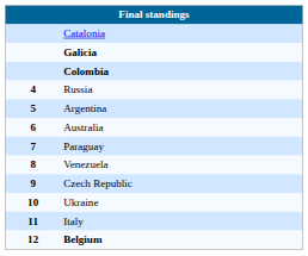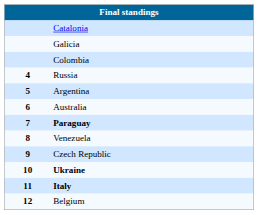 <table align=center cellpadding="4" cellspacing="0" style="background: #f9f9f9; border: 1px #aaa solid; border-collapse: collapse; font-size: 90%;" width=20%>
 <tr align=center bgcolor=#006699 style="color:white;">
 <th width=100% colspan=2>Final standings </th>
 </tr>
 <tr align=center bgcolor=#D0E7FF>
 <td><strong></strong></td>
 <td align=left> <a href='#'>Catalonia</a></td>
 </tr>
 <tr align=center bgcolor=#F5FAFF>
 <td><strong></strong></td>
-<td align=left><strong> Galicia</strong></td>
+<td align=left> Galicia</td>
 </tr>
 <tr align=center bgcolor=#D0E7FF>
 <td><strong></strong></td>
-<td align=left><strong> Colombia</strong></td>
+<td align=left> Colombia</td>
 </tr>
 <tr align=center bgcolor=#F5FAFF>
 <td><strong>4</strong></td>
 <td align=left> Russia</td>
 </tr>
 <tr align=center bgcolor=#D0E7FF>
 <td><strong>5</strong></td>
 <td align=left> Argentina</td>
 </tr>
 <tr align=center bgcolor=#F5FAFF>
 <td><strong>6</strong></td>
 <td align=left> Australia</td>
 </tr>
 <tr align=center bgcolor=#D0E7FF>
 <td><strong>7</strong></td>
-<td align=left> Paraguay</td>
+<td align=left><strong> Paraguay</strong></td>
 </tr>
 <tr align=center bgcolor=#F5FAFF>
 <td><strong>8</strong></td>
 <td align=left> Venezuela</td>
 </tr>
 <tr align=center bgcolor=#D0E7FF>
 <td><strong>9</strong></td>
 <td align=left> Czech Republic</td>
 </tr>
 <tr align=center bgcolor=#F5FAFF>
 <td><strong>10</strong></td>
-<td align=left> Ukraine</td>
+<td align=left><strong> Ukraine</strong></td>
 </tr>
 <tr align=center bgcolor=#D0E7FF>
 <td><strong>11</strong></td>
-<td align=left> Italy</td>
+<td align=left><strong> Italy</strong></td>
 </tr>
 <tr align=center bgcolor=#F5FAFF>
 <td><strong>12</strong></td>
-<td align=left><strong> Belgium</strong></td>
+<td align=left> Belgium</td>
 </tr>
 </table>
